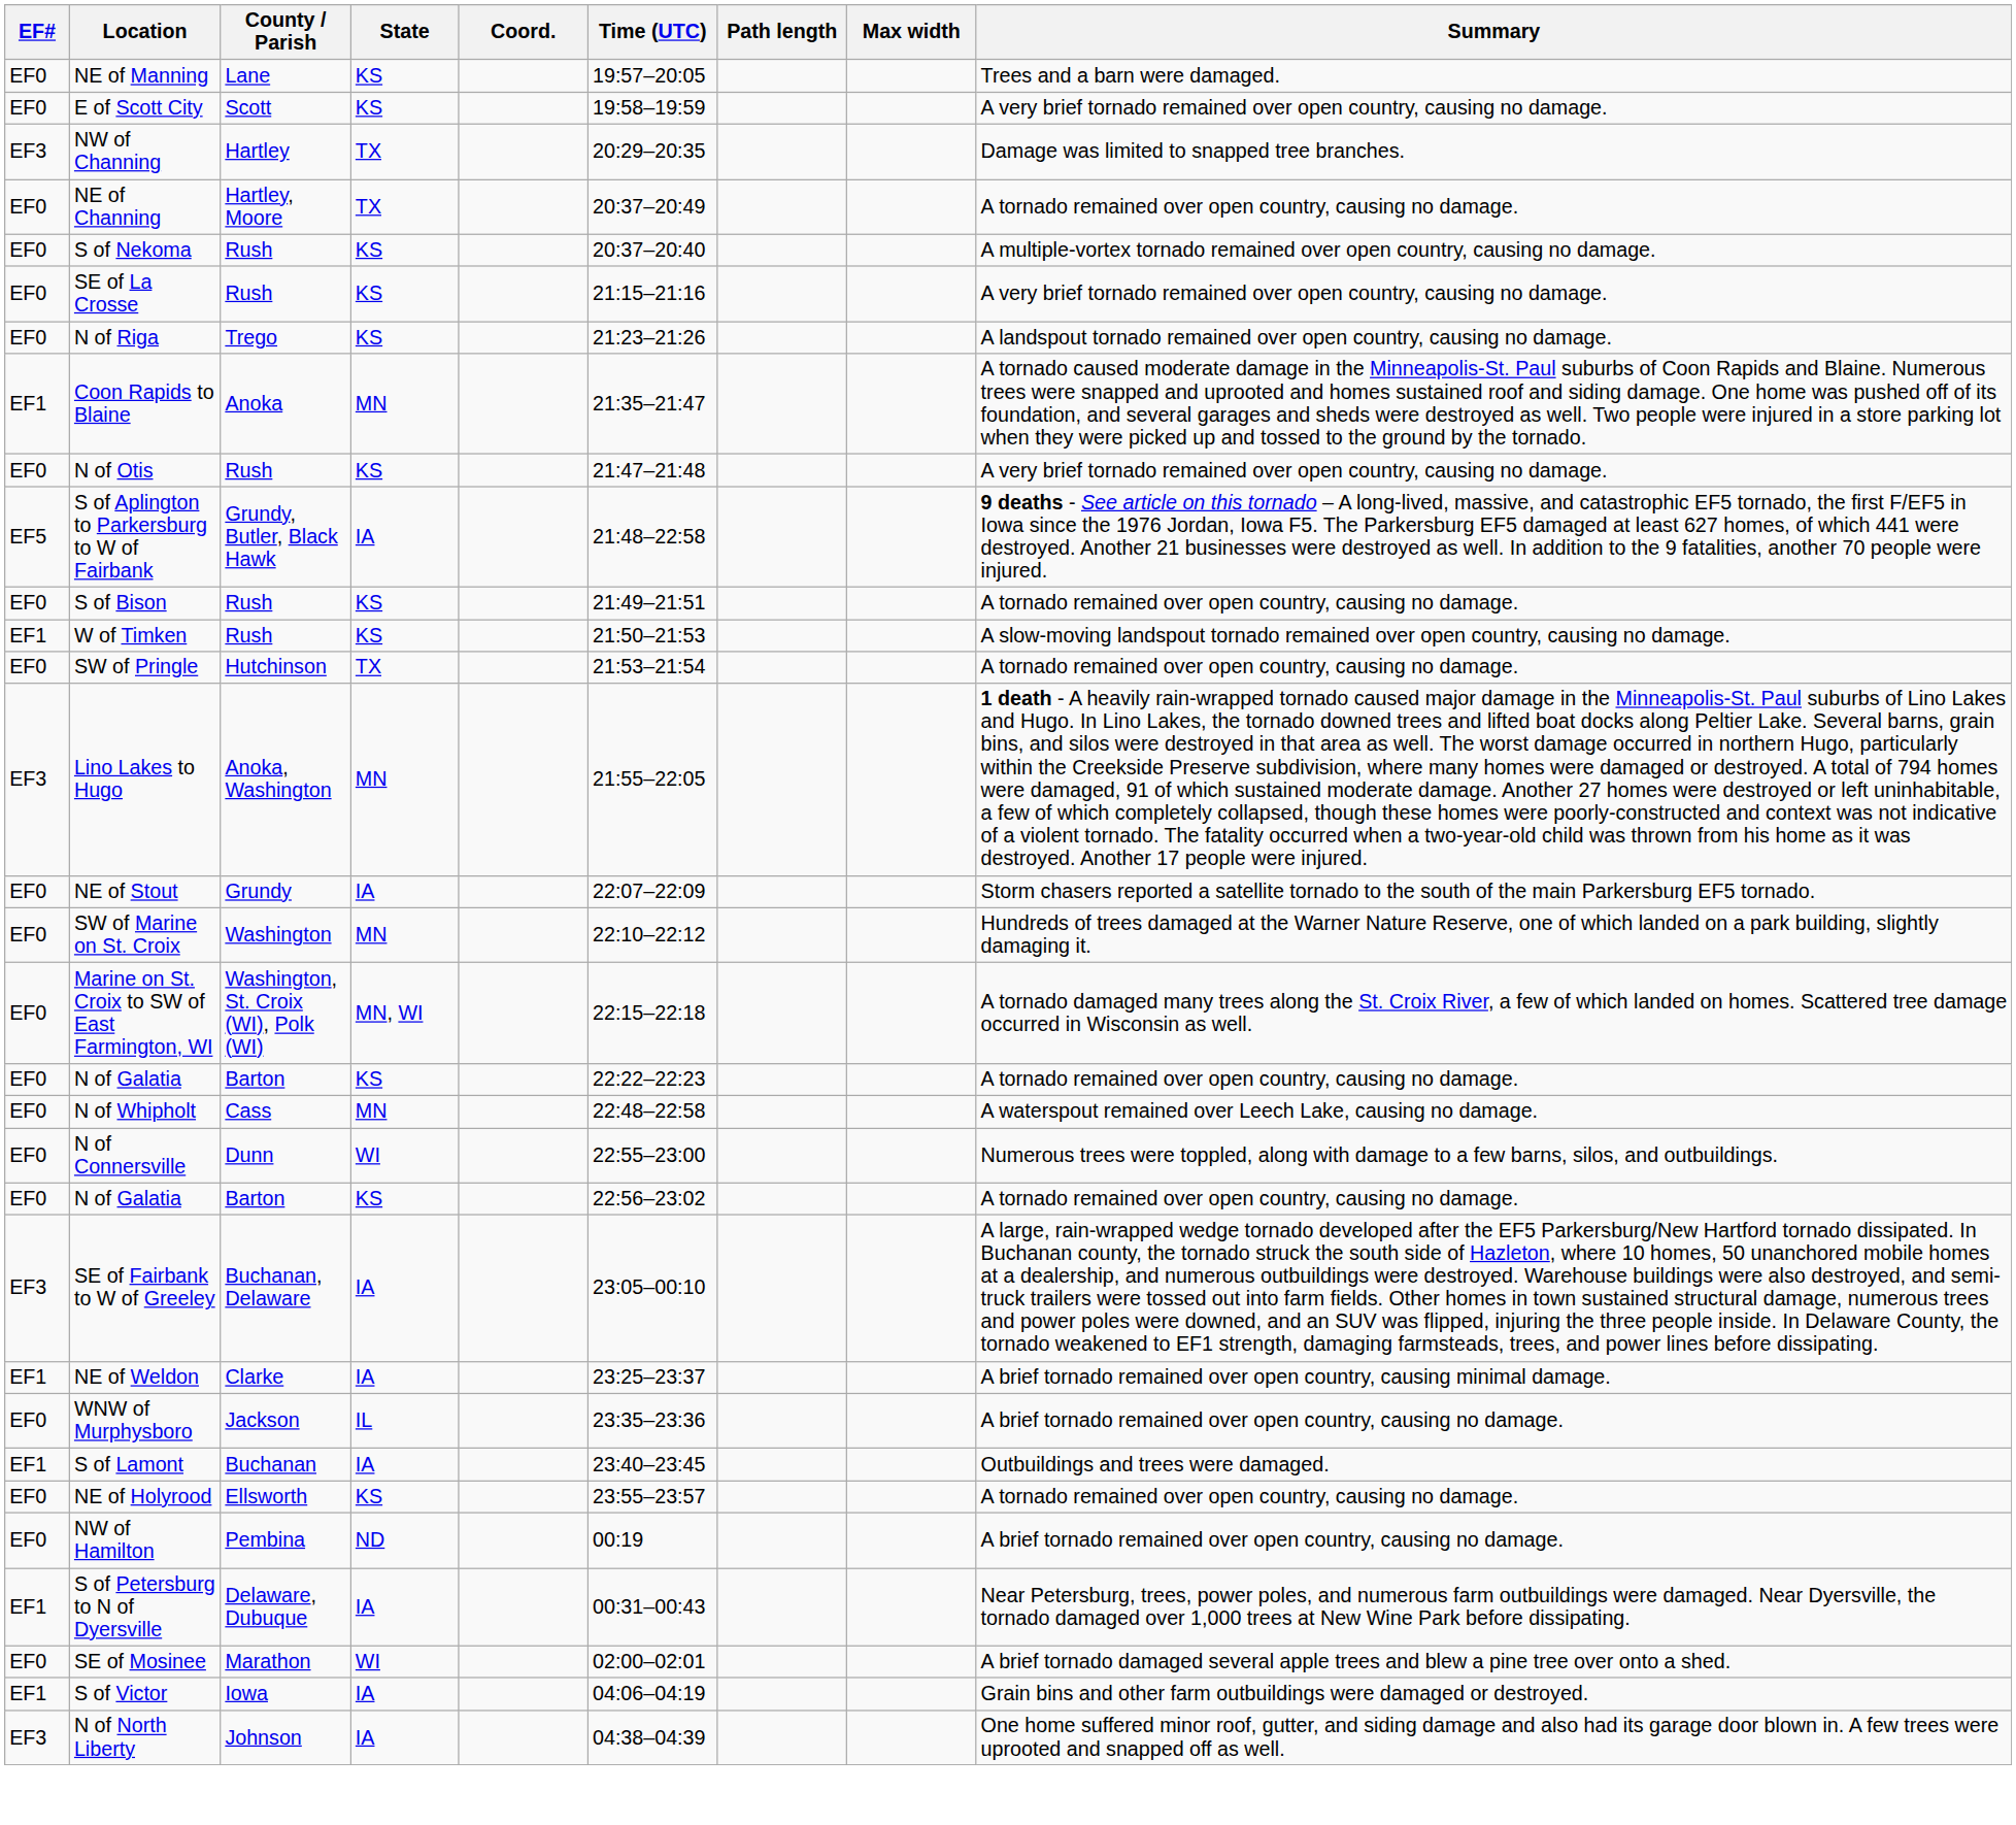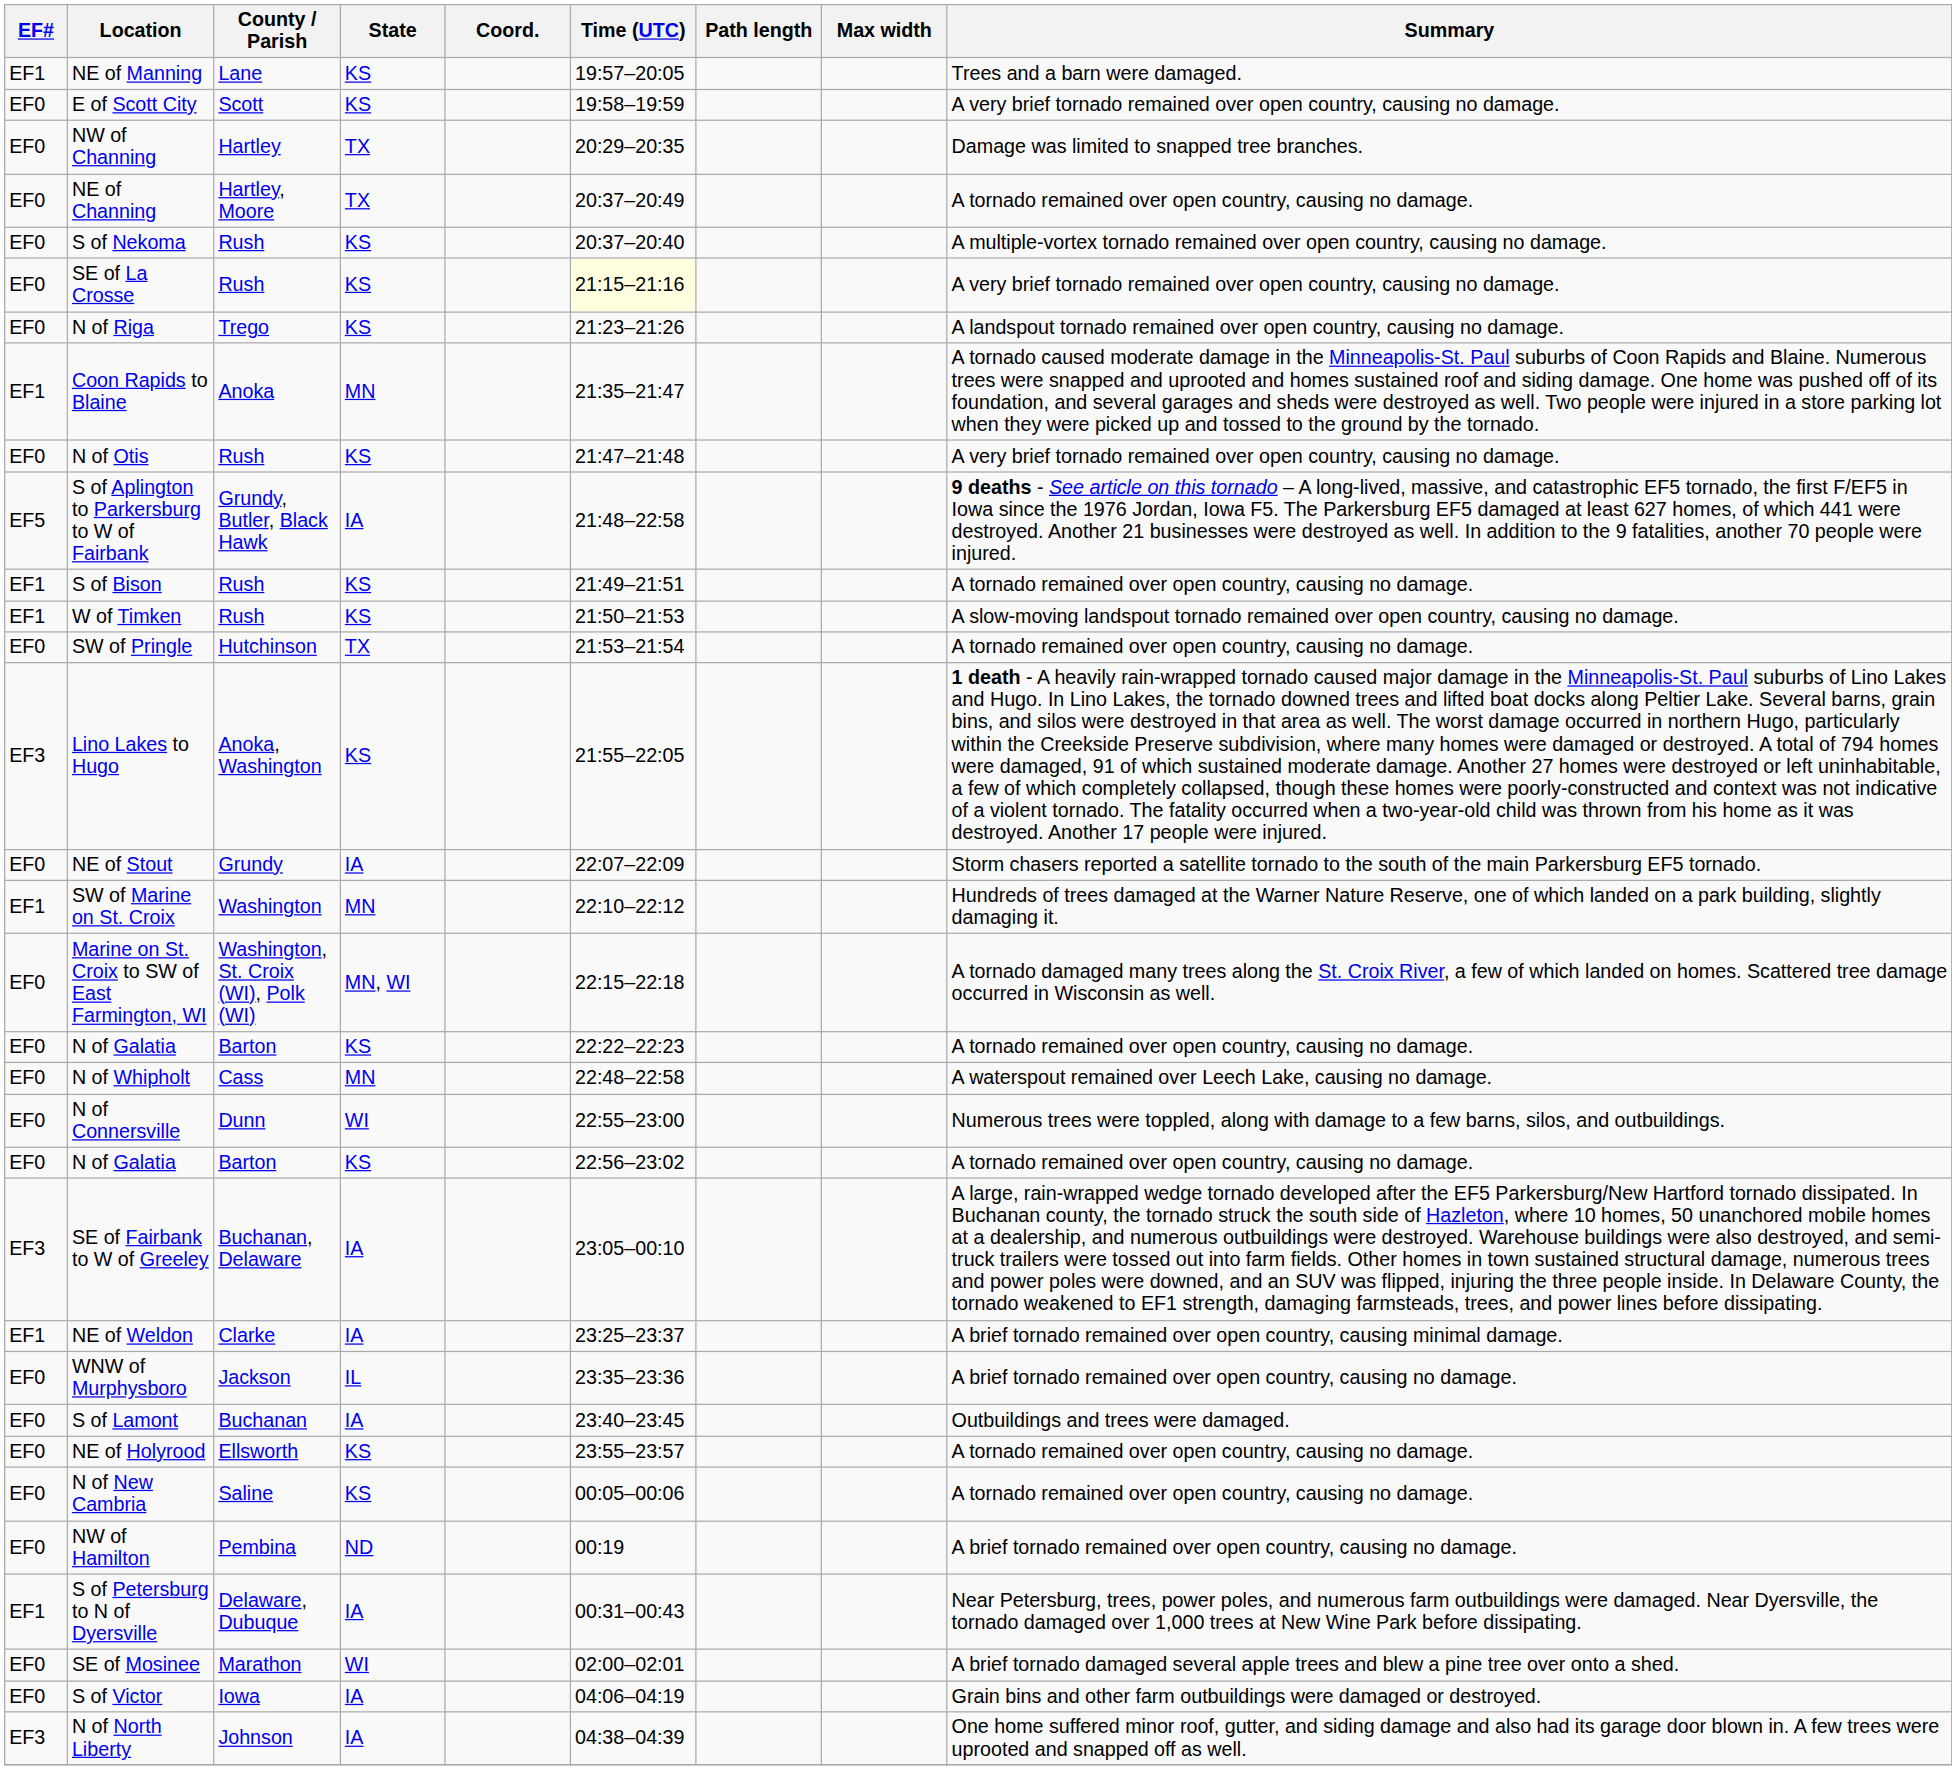 <table class="wikitable sortable" style="width:100%;">
 <tr>
 <th scope="col" width="3%" align="center"><a href='#'>EF#</a></th>
 <th scope="col" width="7%" align="center" class="unsortable">Location</th>
 <th scope="col" width="6%" align="center" class="unsortable">County / Parish</th>
 <th scope="col" width="5%" align="center">State</th>
 <th scope="col" width="6%" align="center">Coord.</th>
 <th scope="col" width="6%" align="center">Time (<a href='#'>UTC</a>)</th>
 <th scope="col" width="6%" align="center">Path length</th>
 <th scope="col" width="6%" align="center">Max width</th>
 <th scope="col" width="48%" class="unsortable" align="center">Summary</th>
 </tr>
 <tr>
-<td>EF0</td>
+<td>EF1</td>
 <td>NE of <a href='#'>Manning</a></td>
 <td><a href='#'>Lane</a></td>
 <td><a href='#'>KS</a></td>
 <td></td>
 <td>19:57–20:05</td>
 <td></td>
 <td></td>
 <td>Trees and a barn were damaged.</td>
 </tr>
 <tr>
 <td>EF0</td>
 <td>E of <a href='#'>Scott City</a></td>
 <td><a href='#'>Scott</a></td>
 <td><a href='#'>KS</a></td>
 <td></td>
 <td>19:58–19:59</td>
 <td></td>
 <td></td>
 <td>A very brief tornado remained over open country, causing no damage.</td>
 </tr>
 <tr>
-<td>EF3</td>
+<td>EF0</td>
 <td>NW of <a href='#'>Channing</a></td>
 <td><a href='#'>Hartley</a></td>
 <td><a href='#'>TX</a></td>
 <td></td>
 <td>20:29–20:35</td>
 <td></td>
 <td></td>
 <td>Damage was limited to snapped tree branches.</td>
 </tr>
 <tr>
 <td>EF0</td>
 <td>NE of <a href='#'>Channing</a></td>
 <td><a href='#'>Hartley</a>, <a href='#'>Moore</a></td>
 <td><a href='#'>TX</a></td>
 <td></td>
 <td>20:37–20:49</td>
 <td></td>
 <td></td>
 <td>A tornado remained over open country, causing no damage.</td>
 </tr>
 <tr>
 <td>EF0</td>
 <td>S of <a href='#'>Nekoma</a></td>
 <td><a href='#'>Rush</a></td>
 <td><a href='#'>KS</a></td>
 <td></td>
 <td>20:37–20:40</td>
 <td></td>
 <td></td>
 <td>A multiple-vortex tornado remained over open country, causing no damage.</td>
 </tr>
 <tr>
 <td>EF0</td>
 <td>SE of <a href='#'>La Crosse</a></td>
 <td><a href='#'>Rush</a></td>
 <td><a href='#'>KS</a></td>
 <td></td>
-<td>21:15–21:16</td>
+<td style="background: lightyellow;">21:15–21:16</td>
 <td></td>
 <td></td>
 <td>A very brief tornado remained over open country, causing no damage.</td>
 </tr>
 <tr>
 <td>EF0</td>
 <td>N of <a href='#'>Riga</a></td>
 <td><a href='#'>Trego</a></td>
 <td><a href='#'>KS</a></td>
 <td></td>
 <td>21:23–21:26</td>
 <td></td>
 <td></td>
 <td>A landspout tornado remained over open country, causing no damage.</td>
 </tr>
 <tr>
 <td>EF1</td>
 <td><a href='#'>Coon Rapids</a> to <a href='#'>Blaine</a></td>
 <td><a href='#'>Anoka</a></td>
 <td><a href='#'>MN</a></td>
 <td></td>
 <td>21:35–21:47</td>
 <td></td>
 <td></td>
 <td>A tornado caused moderate damage in the <a href='#'>Minneapolis-St. Paul</a> suburbs of Coon Rapids and Blaine. Numerous trees were snapped and uprooted and homes sustained roof and siding damage. One home was pushed off of its foundation, and several garages and sheds were destroyed as well. Two people were injured in a store parking lot when they were picked up and tossed to the ground by the tornado.</td>
 </tr>
 <tr>
 <td>EF0</td>
 <td>N of <a href='#'>Otis</a></td>
 <td><a href='#'>Rush</a></td>
 <td><a href='#'>KS</a></td>
 <td></td>
 <td>21:47–21:48</td>
 <td></td>
 <td></td>
 <td>A very brief tornado remained over open country, causing no damage.</td>
 </tr>
 <tr>
 <td>EF5</td>
 <td>S of <a href='#'>Aplington</a> to <a href='#'>Parkersburg</a> to W of <a href='#'>Fairbank</a></td>
 <td><a href='#'>Grundy</a>, <a href='#'>Butler</a>, <a href='#'>Black Hawk</a></td>
 <td><a href='#'>IA</a></td>
 <td></td>
 <td>21:48–22:58</td>
 <td></td>
 <td></td>
 <td><strong>9 deaths</strong> - <em><a href='#'>See article on this tornado</a></em> – A long-lived, massive, and catastrophic EF5 tornado, the first F/EF5 in Iowa since the 1976 Jordan, Iowa F5. The Parkersburg EF5 damaged at least 627 homes, of which 441 were destroyed. Another 21 businesses were destroyed as well. In addition to the 9 fatalities, another 70 people were injured.</td>
 </tr>
 <tr>
-<td>EF0</td>
+<td>EF1</td>
 <td>S of <a href='#'>Bison</a></td>
 <td><a href='#'>Rush</a></td>
 <td><a href='#'>KS</a></td>
 <td></td>
 <td>21:49–21:51</td>
 <td></td>
 <td></td>
 <td>A tornado remained over open country, causing no damage.</td>
 </tr>
 <tr>
 <td>EF1</td>
 <td>W of <a href='#'>Timken</a></td>
 <td><a href='#'>Rush</a></td>
 <td><a href='#'>KS</a></td>
 <td></td>
 <td>21:50–21:53</td>
 <td></td>
 <td></td>
 <td>A slow-moving landspout tornado remained over open country, causing no damage.</td>
 </tr>
 <tr>
 <td>EF0</td>
 <td>SW of <a href='#'>Pringle</a></td>
 <td><a href='#'>Hutchinson</a></td>
 <td><a href='#'>TX</a></td>
 <td></td>
 <td>21:53–21:54</td>
 <td></td>
 <td></td>
 <td>A tornado remained over open country, causing no damage.</td>
 </tr>
 <tr>
 <td>EF3</td>
 <td><a href='#'>Lino Lakes</a> to <a href='#'>Hugo</a></td>
 <td><a href='#'>Anoka</a>, <a href='#'>Washington</a></td>
-<td><a href='#'>MN</a></td>
+<td><a href='#'>KS</a></td>
 <td></td>
 <td>21:55–22:05</td>
 <td></td>
 <td></td>
 <td><strong>1 death</strong> - A heavily rain-wrapped tornado caused major damage in the <a href='#'>Minneapolis-St. Paul</a> suburbs of Lino Lakes and Hugo. In Lino Lakes, the tornado downed trees and lifted boat docks along Peltier Lake. Several barns, grain bins, and silos were destroyed in that area as well. The worst damage occurred in northern Hugo, particularly within the Creekside Preserve subdivision, where many homes were damaged or destroyed. A total of 794 homes were damaged, 91 of which sustained moderate damage. Another 27 homes were destroyed or left uninhabitable, a few of which completely collapsed, though these homes were poorly-constructed and context was not indicative of a violent tornado. The fatality occurred when a two-year-old child was thrown from his home as it was destroyed. Another 17 people were injured.</td>
 </tr>
 <tr>
 <td>EF0</td>
 <td>NE of <a href='#'>Stout</a></td>
 <td><a href='#'>Grundy</a></td>
 <td><a href='#'>IA</a></td>
 <td></td>
 <td>22:07–22:09</td>
 <td></td>
 <td></td>
 <td>Storm chasers reported a satellite tornado to the south of the main Parkersburg EF5 tornado.</td>
 </tr>
 <tr>
-<td>EF0</td>
+<td>EF1</td>
 <td>SW of <a href='#'>Marine on St. Croix</a></td>
 <td><a href='#'>Washington</a></td>
 <td><a href='#'>MN</a></td>
 <td></td>
 <td>22:10–22:12</td>
 <td></td>
 <td></td>
 <td>Hundreds of trees damaged at the Warner Nature Reserve, one of which landed on a park building, slightly damaging it.</td>
 </tr>
 <tr>
 <td>EF0</td>
 <td><a href='#'>Marine on St. Croix</a> to SW of <a href='#'>East Farmington, WI</a></td>
 <td><a href='#'>Washington</a>, <a href='#'>St. Croix (WI)</a>, <a href='#'>Polk (WI)</a></td>
 <td><a href='#'>MN</a>, <a href='#'>WI</a></td>
 <td></td>
 <td>22:15–22:18</td>
 <td></td>
 <td></td>
 <td>A tornado damaged many trees along the <a href='#'>St. Croix River</a>, a few of which landed on homes. Scattered tree damage occurred in Wisconsin as well.</td>
 </tr>
 <tr>
 <td>EF0</td>
 <td>N of <a href='#'>Galatia</a></td>
 <td><a href='#'>Barton</a></td>
 <td><a href='#'>KS</a></td>
 <td></td>
 <td>22:22–22:23</td>
 <td></td>
 <td></td>
 <td>A tornado remained over open country, causing no damage.</td>
 </tr>
 <tr>
 <td>EF0</td>
 <td>N of <a href='#'>Whipholt</a></td>
 <td><a href='#'>Cass</a></td>
 <td><a href='#'>MN</a></td>
 <td></td>
 <td>22:48–22:58</td>
 <td></td>
 <td></td>
 <td>A waterspout remained over Leech Lake, causing no damage.</td>
 </tr>
 <tr>
 <td>EF0</td>
 <td>N of <a href='#'>Connersville</a></td>
 <td><a href='#'>Dunn</a></td>
 <td><a href='#'>WI</a></td>
 <td></td>
 <td>22:55–23:00</td>
 <td></td>
 <td></td>
 <td>Numerous trees were toppled, along with damage to a few barns, silos, and outbuildings.</td>
 </tr>
 <tr>
 <td>EF0</td>
 <td>N of <a href='#'>Galatia</a></td>
 <td><a href='#'>Barton</a></td>
 <td><a href='#'>KS</a></td>
 <td></td>
 <td>22:56–23:02</td>
 <td></td>
 <td></td>
 <td>A tornado remained over open country, causing no damage.</td>
 </tr>
 <tr>
 <td>EF3</td>
 <td>SE of <a href='#'>Fairbank</a> to W of <a href='#'>Greeley</a></td>
 <td><a href='#'>Buchanan</a>, <a href='#'>Delaware</a></td>
 <td><a href='#'>IA</a></td>
 <td></td>
 <td>23:05–00:10</td>
 <td></td>
 <td></td>
 <td>A large, rain-wrapped wedge tornado developed after the EF5 Parkersburg/New Hartford tornado dissipated. In Buchanan county, the tornado struck the south side of <a href='#'>Hazleton</a>, where 10 homes, 50 unanchored mobile homes at a dealership, and numerous outbuildings were destroyed. Warehouse buildings were also destroyed, and semi-truck trailers were tossed out into farm fields. Other homes in town sustained structural damage, numerous trees and power poles were downed, and an SUV was flipped, injuring the three people inside. In Delaware County, the tornado weakened to EF1 strength, damaging farmsteads, trees, and power lines before dissipating.</td>
 </tr>
 <tr>
 <td>EF1</td>
 <td>NE of <a href='#'>Weldon</a></td>
 <td><a href='#'>Clarke</a></td>
 <td><a href='#'>IA</a></td>
 <td></td>
 <td>23:25–23:37</td>
 <td></td>
 <td></td>
 <td>A brief tornado remained over open country, causing minimal damage.</td>
 </tr>
 <tr>
 <td>EF0</td>
 <td>WNW of <a href='#'>Murphysboro</a></td>
 <td><a href='#'>Jackson</a></td>
 <td><a href='#'>IL</a></td>
 <td></td>
 <td>23:35–23:36</td>
 <td></td>
 <td></td>
 <td>A brief tornado remained over open country, causing no damage.</td>
 </tr>
 <tr>
-<td>EF1</td>
+<td>EF0</td>
 <td>S of <a href='#'>Lamont</a></td>
 <td><a href='#'>Buchanan</a></td>
 <td><a href='#'>IA</a></td>
 <td></td>
 <td>23:40–23:45</td>
 <td></td>
 <td></td>
 <td>Outbuildings and trees were damaged.</td>
 </tr>
 <tr>
 <td>EF0</td>
 <td>NE of <a href='#'>Holyrood</a></td>
 <td><a href='#'>Ellsworth</a></td>
 <td><a href='#'>KS</a></td>
 <td></td>
 <td>23:55–23:57</td>
+<td></td>
+<td></td>
+<td>A tornado remained over open country, causing no damage.</td>
+</tr>
+<tr>
+<td>EF0</td>
+<td>N of <a href='#'>New Cambria</a></td>
+<td><a href='#'>Saline</a></td>
+<td><a href='#'>KS</a></td>
+<td></td>
+<td>00:05–00:06</td>
 <td></td>
 <td></td>
 <td>A tornado remained over open country, causing no damage.</td>
 </tr>
 <tr>
 <td>EF0</td>
 <td>NW of <a href='#'>Hamilton</a></td>
 <td><a href='#'>Pembina</a></td>
 <td><a href='#'>ND</a></td>
 <td></td>
 <td>00:19</td>
 <td></td>
 <td></td>
 <td>A brief tornado remained over open country, causing no damage.</td>
 </tr>
 <tr>
 <td>EF1</td>
 <td>S of <a href='#'>Petersburg</a> to N of <a href='#'>Dyersville</a></td>
 <td><a href='#'>Delaware</a>, <a href='#'>Dubuque</a></td>
 <td><a href='#'>IA</a></td>
 <td></td>
 <td>00:31–00:43</td>
 <td></td>
 <td></td>
 <td>Near Petersburg, trees, power poles, and numerous farm outbuildings were damaged. Near Dyersville, the tornado damaged over 1,000 trees at New Wine Park before dissipating.</td>
 </tr>
 <tr>
 <td>EF0</td>
 <td>SE of <a href='#'>Mosinee</a></td>
 <td><a href='#'>Marathon</a></td>
 <td><a href='#'>WI</a></td>
 <td></td>
 <td>02:00–02:01</td>
 <td></td>
 <td></td>
 <td>A brief tornado damaged several apple trees and blew a pine tree over onto a shed.</td>
 </tr>
 <tr>
-<td>EF1</td>
+<td>EF0</td>
 <td>S of <a href='#'>Victor</a></td>
 <td><a href='#'>Iowa</a></td>
 <td><a href='#'>IA</a></td>
 <td></td>
 <td>04:06–04:19</td>
 <td></td>
 <td></td>
 <td>Grain bins and other farm outbuildings were damaged or destroyed.</td>
 </tr>
 <tr>
 <td>EF3</td>
 <td>N of <a href='#'>North Liberty</a></td>
 <td><a href='#'>Johnson</a></td>
 <td><a href='#'>IA</a></td>
 <td></td>
 <td>04:38–04:39</td>
 <td></td>
 <td></td>
 <td>One home suffered minor roof, gutter, and siding damage and also had its garage door blown in. A few trees were uprooted and snapped off as well.</td>
 </tr>
 <tr>
 </tr>
 </table>
